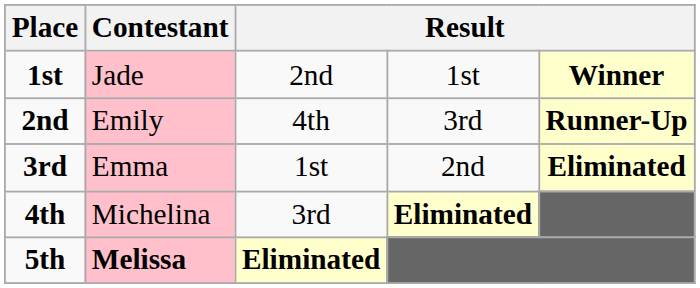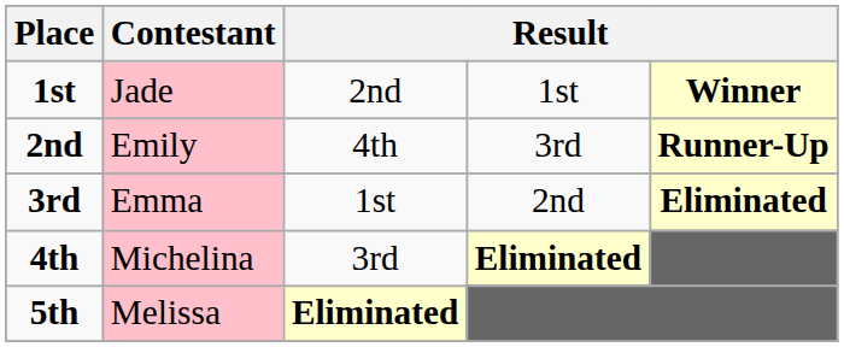 <table class="wikitable">
 <tr>
 <th>Place</th>
 <th>Contestant</th>
 <th colspan="14" align="center">Result</th>
 </tr>
 <tr>
 <td align="center"><strong>1st</strong></td>
 <td bgcolor="pink">Jade</td>
 <td align="center">2nd</td>
 <td align="center">1st</td>
 <td bgcolor="FFFFCC" align="center"><strong>Winner</strong></td>
 </tr>
 <tr>
 <td align="center"><strong>2nd</strong></td>
 <td bgcolor="pink">Emily</td>
 <td align="center">4th</td>
 <td align="center">3rd</td>
 <td bgcolor="FFFFCC" align="center"><strong>Runner-Up</strong></td>
 </tr>
 <tr>
 <td align="center"><strong>3rd</strong></td>
 <td bgcolor="pink">Emma</td>
 <td align="center">1st</td>
 <td align="center">2nd</td>
 <td bgcolor="FFFFCC" align="center"><strong>Eliminated</strong></td>
 </tr>
 <tr>
 <td align="center"><strong>4th</strong></td>
 <td bgcolor="pink">Michelina</td>
 <td align="center">3rd</td>
 <td bgcolor="FFFFCC" align="center"><strong>Eliminated</strong></td>
 <td colspan="1" bgcolor="666666"></td>
 </tr>
 <tr>
 <td align="center"><strong>5th</strong></td>
-<td bgcolor="pink"><strong>Melissa</strong></td>
+<td bgcolor="pink">Melissa</td>
 <td bgcolor="FFFFCC" align="center"><strong>Eliminated</strong></td>
 <td colspan="2" bgcolor="666666"></td>
 </tr>
 </table>
